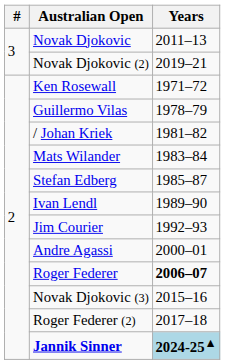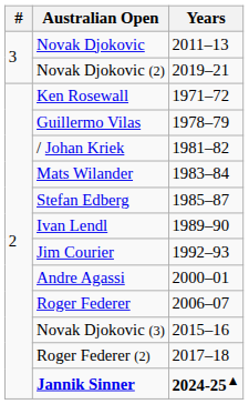 <table class="wikitable" style="display:inline-table;">
 <tr>
 <th width=20>#</th>
 <th>Australian Open</th>
 <th>Years</th>
 </tr>
 <tr>
 <td rowspan="2">3</td>
 <td> <a href='#'>Novak Djokovic</a></td>
 <td>2011–13</td>
 </tr>
 <tr>
 <td> Novak Djokovic <small>(2)</small></td>
 <td>2019–21</td>
 </tr>
 <tr>
 <td rowspan="12">2</td>
 <td> <a href='#'>Ken Rosewall</a></td>
 <td>1971–72</td>
 </tr>
 <tr>
 <td> <a href='#'>Guillermo Vilas</a></td>
 <td>1978–79</td>
 </tr>
 <tr>
 <td>/ <a href='#'>Johan Kriek</a></td>
 <td>1981–82</td>
 </tr>
 <tr>
 <td> <a href='#'>Mats Wilander</a></td>
 <td>1983–84</td>
 </tr>
 <tr>
 <td> <a href='#'>Stefan Edberg</a></td>
 <td>1985–87</td>
 </tr>
 <tr>
 <td> <a href='#'>Ivan Lendl</a></td>
 <td>1989–90</td>
 </tr>
 <tr>
 <td> <a href='#'>Jim Courier</a></td>
 <td>1992–93</td>
 </tr>
 <tr>
 <td> <a href='#'>Andre Agassi</a></td>
 <td>2000–01</td>
 </tr>
 <tr>
 <td> <a href='#'>Roger Federer</a></td>
-<td><strong>2006–07</strong></td>
+<td>2006–07</td>
 </tr>
 <tr>
 <td> Novak Djokovic <small>(3)</small></td>
 <td>2015–16</td>
 </tr>
 <tr>
 <td> Roger Federer <small>(2)</small></td>
 <td>2017–18</td>
 </tr>
 <tr>
 <td> <strong><a href='#'>Jannik Sinner</a></strong></td>
-<td style="background: lightblue;"><strong>2024-25<sup>▲</sup></strong></td>
+<td><strong>2024-25<sup>▲</sup></strong></td>
 </tr>
 </table>
